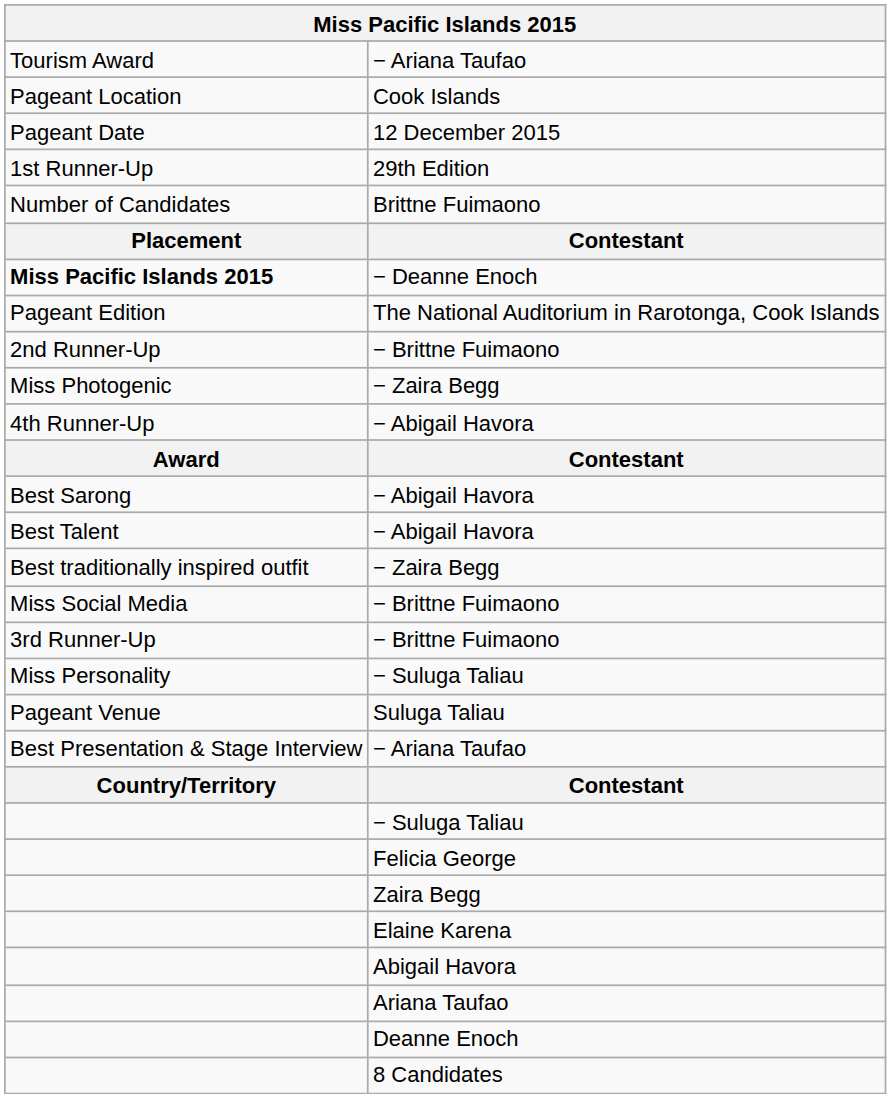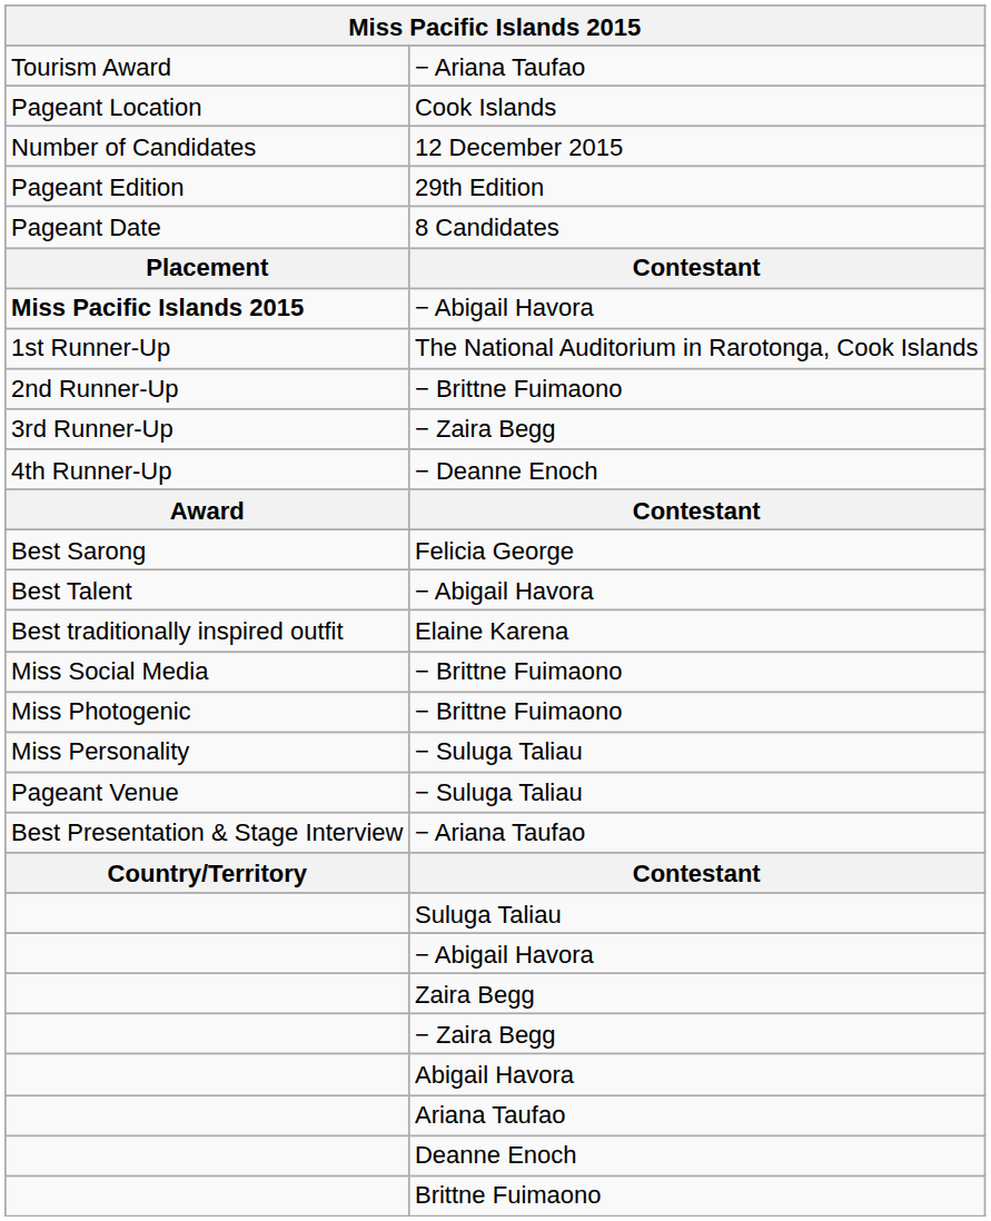 <table class="wikitable sortable" style="font-size: 80%;">
 <tr>
 <th colspan="2"><strong>Miss Pacific Islands 2015</strong></th>
 </tr>
 <tr>
 <td>Tourism Award</td>
 <td> − Ariana Taufao</td>
 </tr>
 <tr>
 <td>Pageant Location</td>
 <td>Cook Islands</td>
 </tr>
 <tr>
-<td>Pageant Date</td>
+<td>Number of Candidates</td>
 <td>12 December 2015</td>
 </tr>
 <tr>
-<td>1st Runner-Up</td>
+<td>Pageant Edition</td>
 <td>29th Edition</td>
 </tr>
 <tr>
-<td>Number of Candidates</td>
-<td>Brittne Fuimaono</td>
+<td>Pageant Date</td>
+<td>8 Candidates</td>
 </tr>
 <tr>
 <th>Placement</th>
 <th>Contestant</th>
 </tr>
 <tr>
 <td><strong>Miss Pacific Islands 2015</strong></td>
-<td> − Deanne Enoch</td>
+<td> − Abigail Havora</td>
 </tr>
 <tr>
-<td>Pageant Edition</td>
+<td>1st Runner-Up</td>
 <td>The National Auditorium in Rarotonga, Cook Islands</td>
 </tr>
 <tr>
 <td>2nd Runner-Up</td>
 <td> − Brittne Fuimaono</td>
 </tr>
 <tr>
-<td>Miss Photogenic</td>
+<td>3rd Runner-Up</td>
 <td> − Zaira Begg</td>
 </tr>
 <tr>
 <td>4th Runner-Up</td>
-<td> − Abigail Havora</td>
+<td> − Deanne Enoch</td>
 </tr>
 <tr>
 <th>Award</th>
 <th>Contestant</th>
 </tr>
 <tr>
 <td>Best Sarong</td>
-<td> − Abigail Havora</td>
+<td>Felicia George</td>
 </tr>
 <tr>
 <td>Best Talent</td>
 <td> − Abigail Havora</td>
 </tr>
 <tr>
 <td>Best traditionally inspired outfit</td>
-<td> − Zaira Begg</td>
+<td>Elaine Karena</td>
 </tr>
 <tr>
 <td>Miss Social Media</td>
 <td> − Brittne Fuimaono</td>
 </tr>
 <tr>
-<td>3rd Runner-Up</td>
+<td>Miss Photogenic</td>
 <td> − Brittne Fuimaono</td>
 </tr>
 <tr>
 <td>Miss Personality</td>
 <td> − Suluga Taliau</td>
 </tr>
 <tr>
 <td>Pageant Venue</td>
-<td>Suluga Taliau</td>
+<td> − Suluga Taliau</td>
 </tr>
 <tr>
 <td>Best Presentation & Stage Interview</td>
 <td> − Ariana Taufao</td>
 </tr>
 <tr>
 <th><strong>Country/Territory</strong></th>
 <th>Contestant</th>
 </tr>
 <tr>
 <td></td>
-<td> − Suluga Taliau</td>
+<td>Suluga Taliau</td>
 </tr>
 <tr>
 <td></td>
-<td>Felicia George</td>
+<td> − Abigail Havora</td>
 </tr>
 <tr>
 <td></td>
 <td>Zaira Begg</td>
 </tr>
 <tr>
 <td></td>
-<td>Elaine Karena</td>
+<td> − Zaira Begg</td>
 </tr>
 <tr>
 <td></td>
 <td>Abigail Havora</td>
 </tr>
 <tr>
 <td></td>
 <td>Ariana Taufao</td>
 </tr>
 <tr>
 <td></td>
 <td>Deanne Enoch</td>
 </tr>
 <tr>
 <td></td>
-<td>8 Candidates</td>
+<td>Brittne Fuimaono</td>
 </tr>
 </table>
